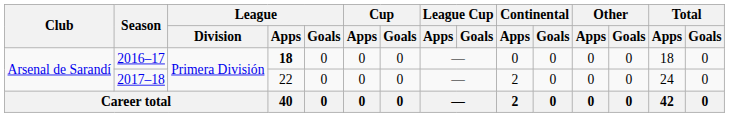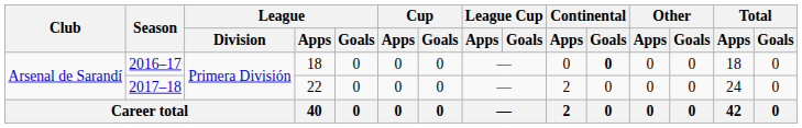 <table class="wikitable" style="text-align:center">
 <tr>
 <th rowspan="2">Club</th>
 <th rowspan="2">Season</th>
 <th colspan="3">League</th>
 <th colspan="2">Cup</th>
 <th colspan="2">League Cup</th>
 <th colspan="2">Continental</th>
 <th colspan="2">Other</th>
 <th colspan="2">Total</th>
 </tr>
 <tr>
 <th>Division</th>
 <th>Apps</th>
 <th>Goals</th>
 <th>Apps</th>
 <th>Goals</th>
 <th>Apps</th>
 <th>Goals</th>
 <th>Apps</th>
 <th>Goals</th>
 <th>Apps</th>
 <th>Goals</th>
 <th>Apps</th>
 <th>Goals</th>
 </tr>
 <tr>
 <td rowspan="2"><a href='#'>Arsenal de Sarandí</a></td>
 <td><a href='#'>2016–17</a></td>
 <td rowspan="2"><a href='#'>Primera División</a></td>
-<td><strong>18</strong></td>
+<td>18</td>
 <td>0</td>
 <td>0</td>
 <td>0</td>
 <td colspan="2">—</td>
 <td>0</td>
-<td>0</td>
+<td><strong>0</strong></td>
 <td>0</td>
 <td>0</td>
 <td>18</td>
 <td>0</td>
 </tr>
 <tr>
 <td><a href='#'>2017–18</a></td>
 <td>22</td>
 <td>0</td>
 <td>0</td>
 <td>0</td>
 <td colspan="2">—</td>
 <td>2</td>
 <td>0</td>
 <td>0</td>
 <td>0</td>
 <td>24</td>
 <td>0</td>
 </tr>
 <tr>
 <th colspan="3">Career total</th>
 <th>40</th>
 <th>0</th>
 <th>0</th>
 <th>0</th>
 <th colspan="2">—</th>
 <th>2</th>
 <th>0</th>
 <th>0</th>
 <th>0</th>
 <th>42</th>
 <th>0</th>
 </tr>
 </table>
